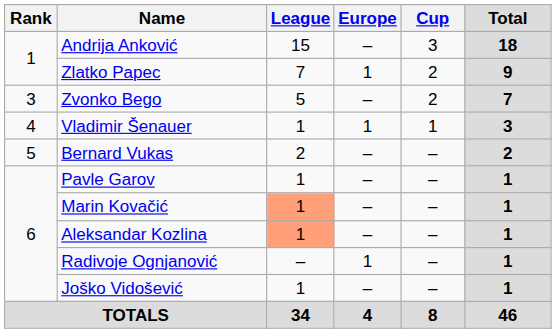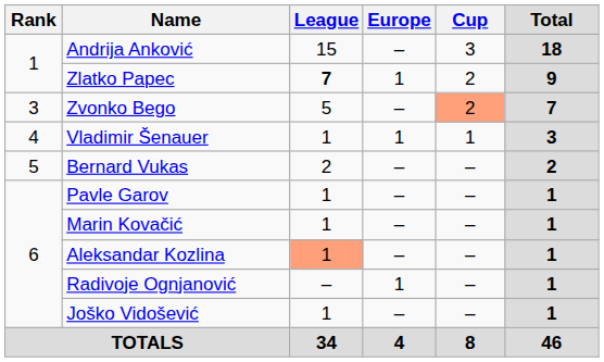 <table class="wikitable" style="font-size: 95%; text-align: center;">
 <tr>
 <th width=40>Rank</th>
 <th width=180>Name</th>
 <th width=50><a href='#'>League</a></th>
 <th width=50><a href='#'>Europe</a></th>
 <th width=50><a href='#'>Cup</a></th>
 <th width=70 style="background: #DCDCDC">Total</th>
 </tr>
 <tr>
 <td rowspan=2>1</td>
 <td style="text-align:left;"> <a href='#'>Andrija Anković</a></td>
 <td>15</td>
 <td>–</td>
 <td>3</td>
 <td style="background: #DCDCDC"><strong>18</strong></td>
 </tr>
 <tr>
 <td style="text-align:left;"> <a href='#'>Zlatko Papec</a></td>
-<td>7</td>
+<td><strong>7</strong></td>
 <td>1</td>
 <td>2</td>
 <td style="background: #DCDCDC"><strong>9</strong></td>
 </tr>
 <tr>
 <td rowspan=1>3</td>
 <td style="text-align:left;"> <a href='#'>Zvonko Bego</a></td>
 <td>5</td>
 <td>–</td>
-<td>2</td>
+<td style="background: lightsalmon;">2</td>
 <td style="background: #DCDCDC"><strong>7</strong></td>
 </tr>
 <tr>
 <td rowspan=1>4</td>
 <td style="text-align:left;"> <a href='#'>Vladimir Šenauer</a></td>
 <td>1</td>
 <td>1</td>
 <td>1</td>
 <td style="background: #DCDCDC"><strong>3</strong></td>
 </tr>
 <tr>
 <td rowspan=1>5</td>
 <td style="text-align:left;"> <a href='#'>Bernard Vukas</a></td>
 <td>2</td>
 <td>–</td>
 <td>–</td>
 <td style="background: #DCDCDC"><strong>2</strong></td>
 </tr>
 <tr>
 <td rowspan=5>6</td>
 <td style="text-align:left;"> <a href='#'>Pavle Garov</a></td>
 <td>1</td>
 <td>–</td>
 <td>–</td>
 <td style="background: #DCDCDC"><strong>1</strong></td>
 </tr>
 <tr>
 <td style="text-align:left;"> <a href='#'>Marin Kovačić</a></td>
-<td style="background: lightsalmon;">1</td>
+<td>1</td>
 <td>–</td>
 <td>–</td>
 <td style="background: #DCDCDC"><strong>1</strong></td>
 </tr>
 <tr>
 <td style="text-align:left;"> <a href='#'>Aleksandar Kozlina</a></td>
 <td style="background: lightsalmon;">1</td>
 <td>–</td>
 <td>–</td>
 <td style="background: #DCDCDC"><strong>1</strong></td>
 </tr>
 <tr>
 <td style="text-align:left;"> <a href='#'>Radivoje Ognjanović</a></td>
 <td>–</td>
 <td>1</td>
 <td>–</td>
 <td style="background: #DCDCDC"><strong>1</strong></td>
 </tr>
 <tr>
 <td style="text-align:left;"> <a href='#'>Joško Vidošević</a></td>
 <td>1</td>
 <td>–</td>
 <td>–</td>
 <td style="background: #DCDCDC"><strong>1</strong></td>
 </tr>
 <tr>
 <th style="background: #DCDCDC" colspan=2>TOTALS</th>
 <td style="background: #DCDCDC"><strong>34</strong></td>
 <td style="background: #DCDCDC"><strong>4</strong></td>
 <td style="background: #DCDCDC"><strong>8</strong></td>
 <td style="background: #DCDCDC"><strong>46</strong></td>
 </tr>
 </table>
